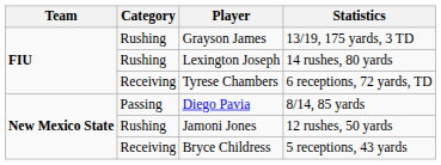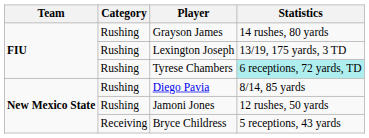 <table class="wikitable" style="float: left;">
 <tr>
 <th>Team</th>
 <th>Category</th>
 <th>Player</th>
 <th>Statistics</th>
 </tr>
 <tr>
 <td rowspan=3><strong>FIU</strong></td>
 <td>Rushing</td>
 <td>Grayson James</td>
+<td>14 rushes, 80 yards</td>
+</tr>
+<tr>
+<td>Rushing</td>
+<td>Lexington Joseph</td>
 <td>13/19, 175 yards, 3 TD</td>
 </tr>
 <tr>
 <td>Rushing</td>
-<td>Lexington Joseph</td>
-<td>14 rushes, 80 yards</td>
-</tr>
-<tr>
-<td>Receiving</td>
 <td>Tyrese Chambers</td>
-<td>6 receptions, 72 yards, TD</td>
+<td style="background: paleturquoise;">6 receptions, 72 yards, TD</td>
 </tr>
 <tr>
 <td rowspan=3><strong>New Mexico State</strong></td>
-<td>Passing</td>
+<td>Rushing</td>
 <td><a href='#'>Diego Pavia</a></td>
 <td>8/14, 85 yards</td>
 </tr>
 <tr>
 <td>Rushing</td>
 <td>Jamoni Jones</td>
 <td>12 rushes, 50 yards</td>
 </tr>
 <tr>
 <td>Receiving</td>
 <td>Bryce Childress</td>
 <td>5 receptions, 43 yards</td>
 </tr>
 </table>
